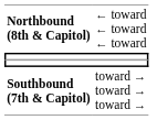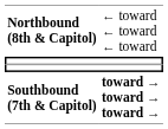 <table border="0" cellspacing="0" cellpadding="3">
 <tr>
 <td style="border-top:solid 1px gray"><strong>Northbound<br>(8th & Capitol)</strong></td>
 <td style="border-top:solid 1px gray">←  toward  <br>←  toward  <br>←  toward  </td>
 </tr>
 <tr>
 <td colspan="2" style="border-top:solid 2px black;border-right:solid 2px black;border-left:solid 2px black;border-bottom:solid 1px gray;text-align:center"></td>
 </tr>
 <tr>
 <td colspan="2" style="border-top:solid 1px gray;border-right:solid 2px black;border-left:solid 2px black;border-bottom:solid 2px black;text-align:center"></td>
 </tr>
 <tr>
 <td style="border-bottom:solid 1px gray"><strong>Southbound<br>(7th & Capitol)</strong></td>
-<td style="border-bottom:solid 1px gray">  toward   →<br>  toward   →<br>  toward   →</td>
+<td style="border-bottom:solid 1px gray"><strong>  toward   →<br>  toward   →<br>  toward   →</strong></td>
 </tr>
 </table>
